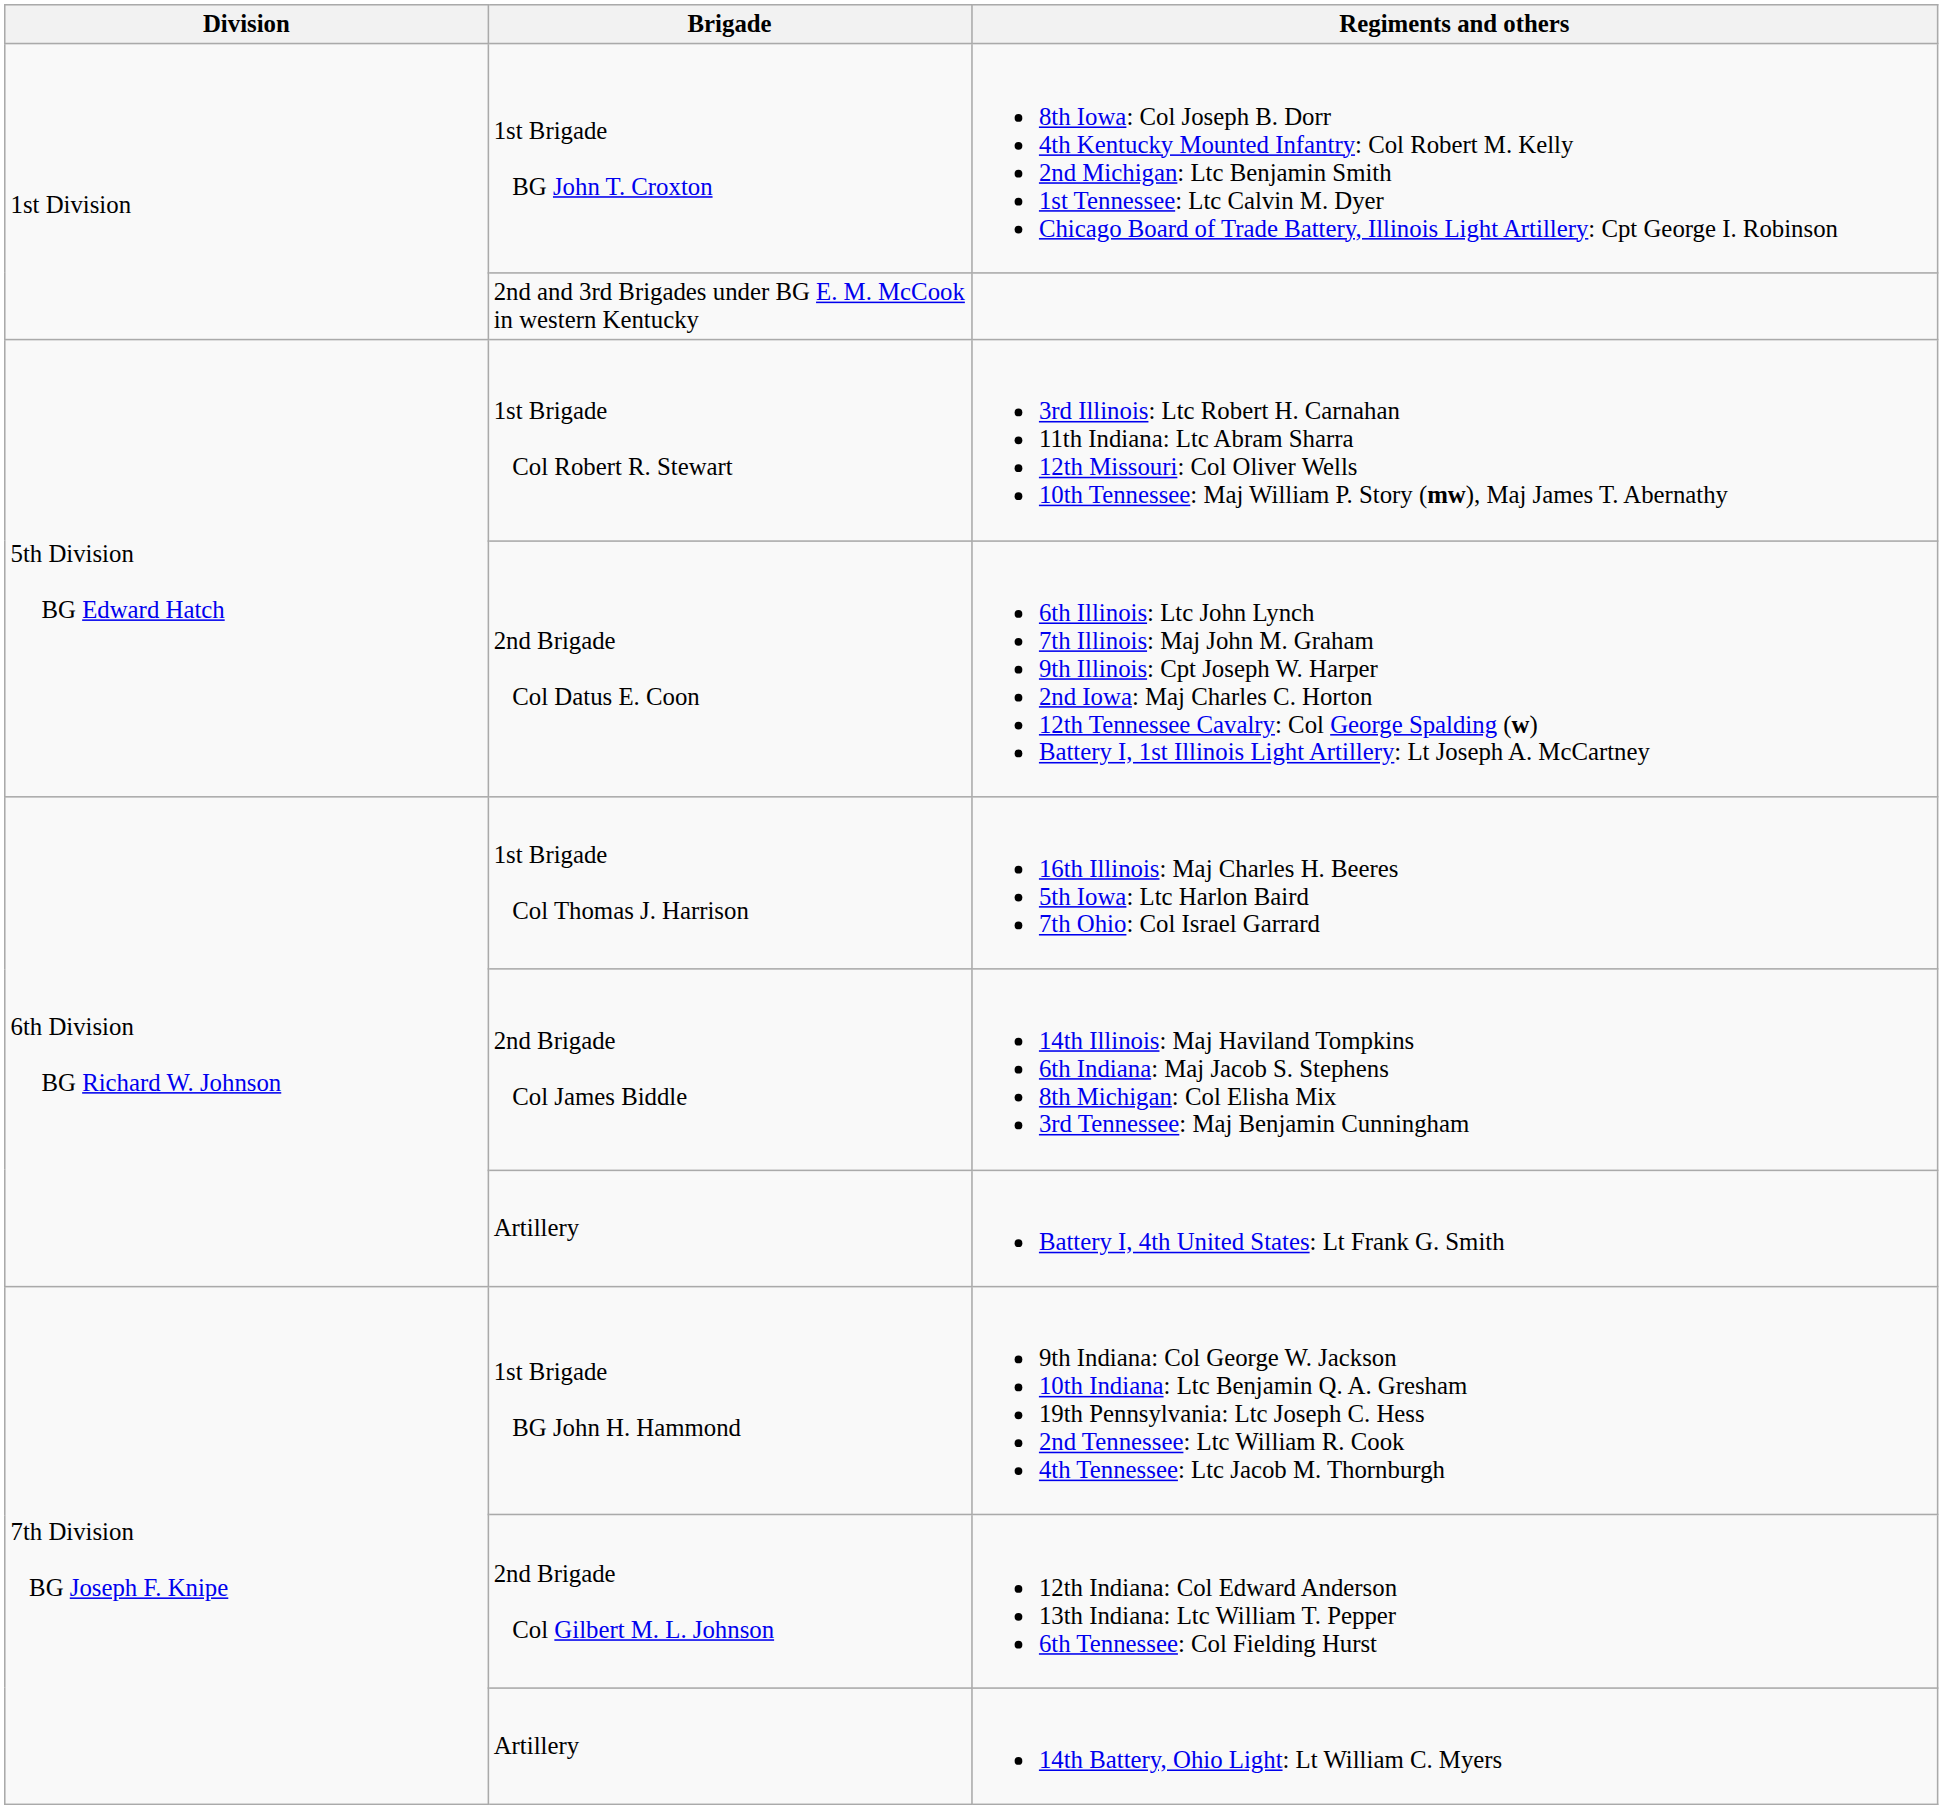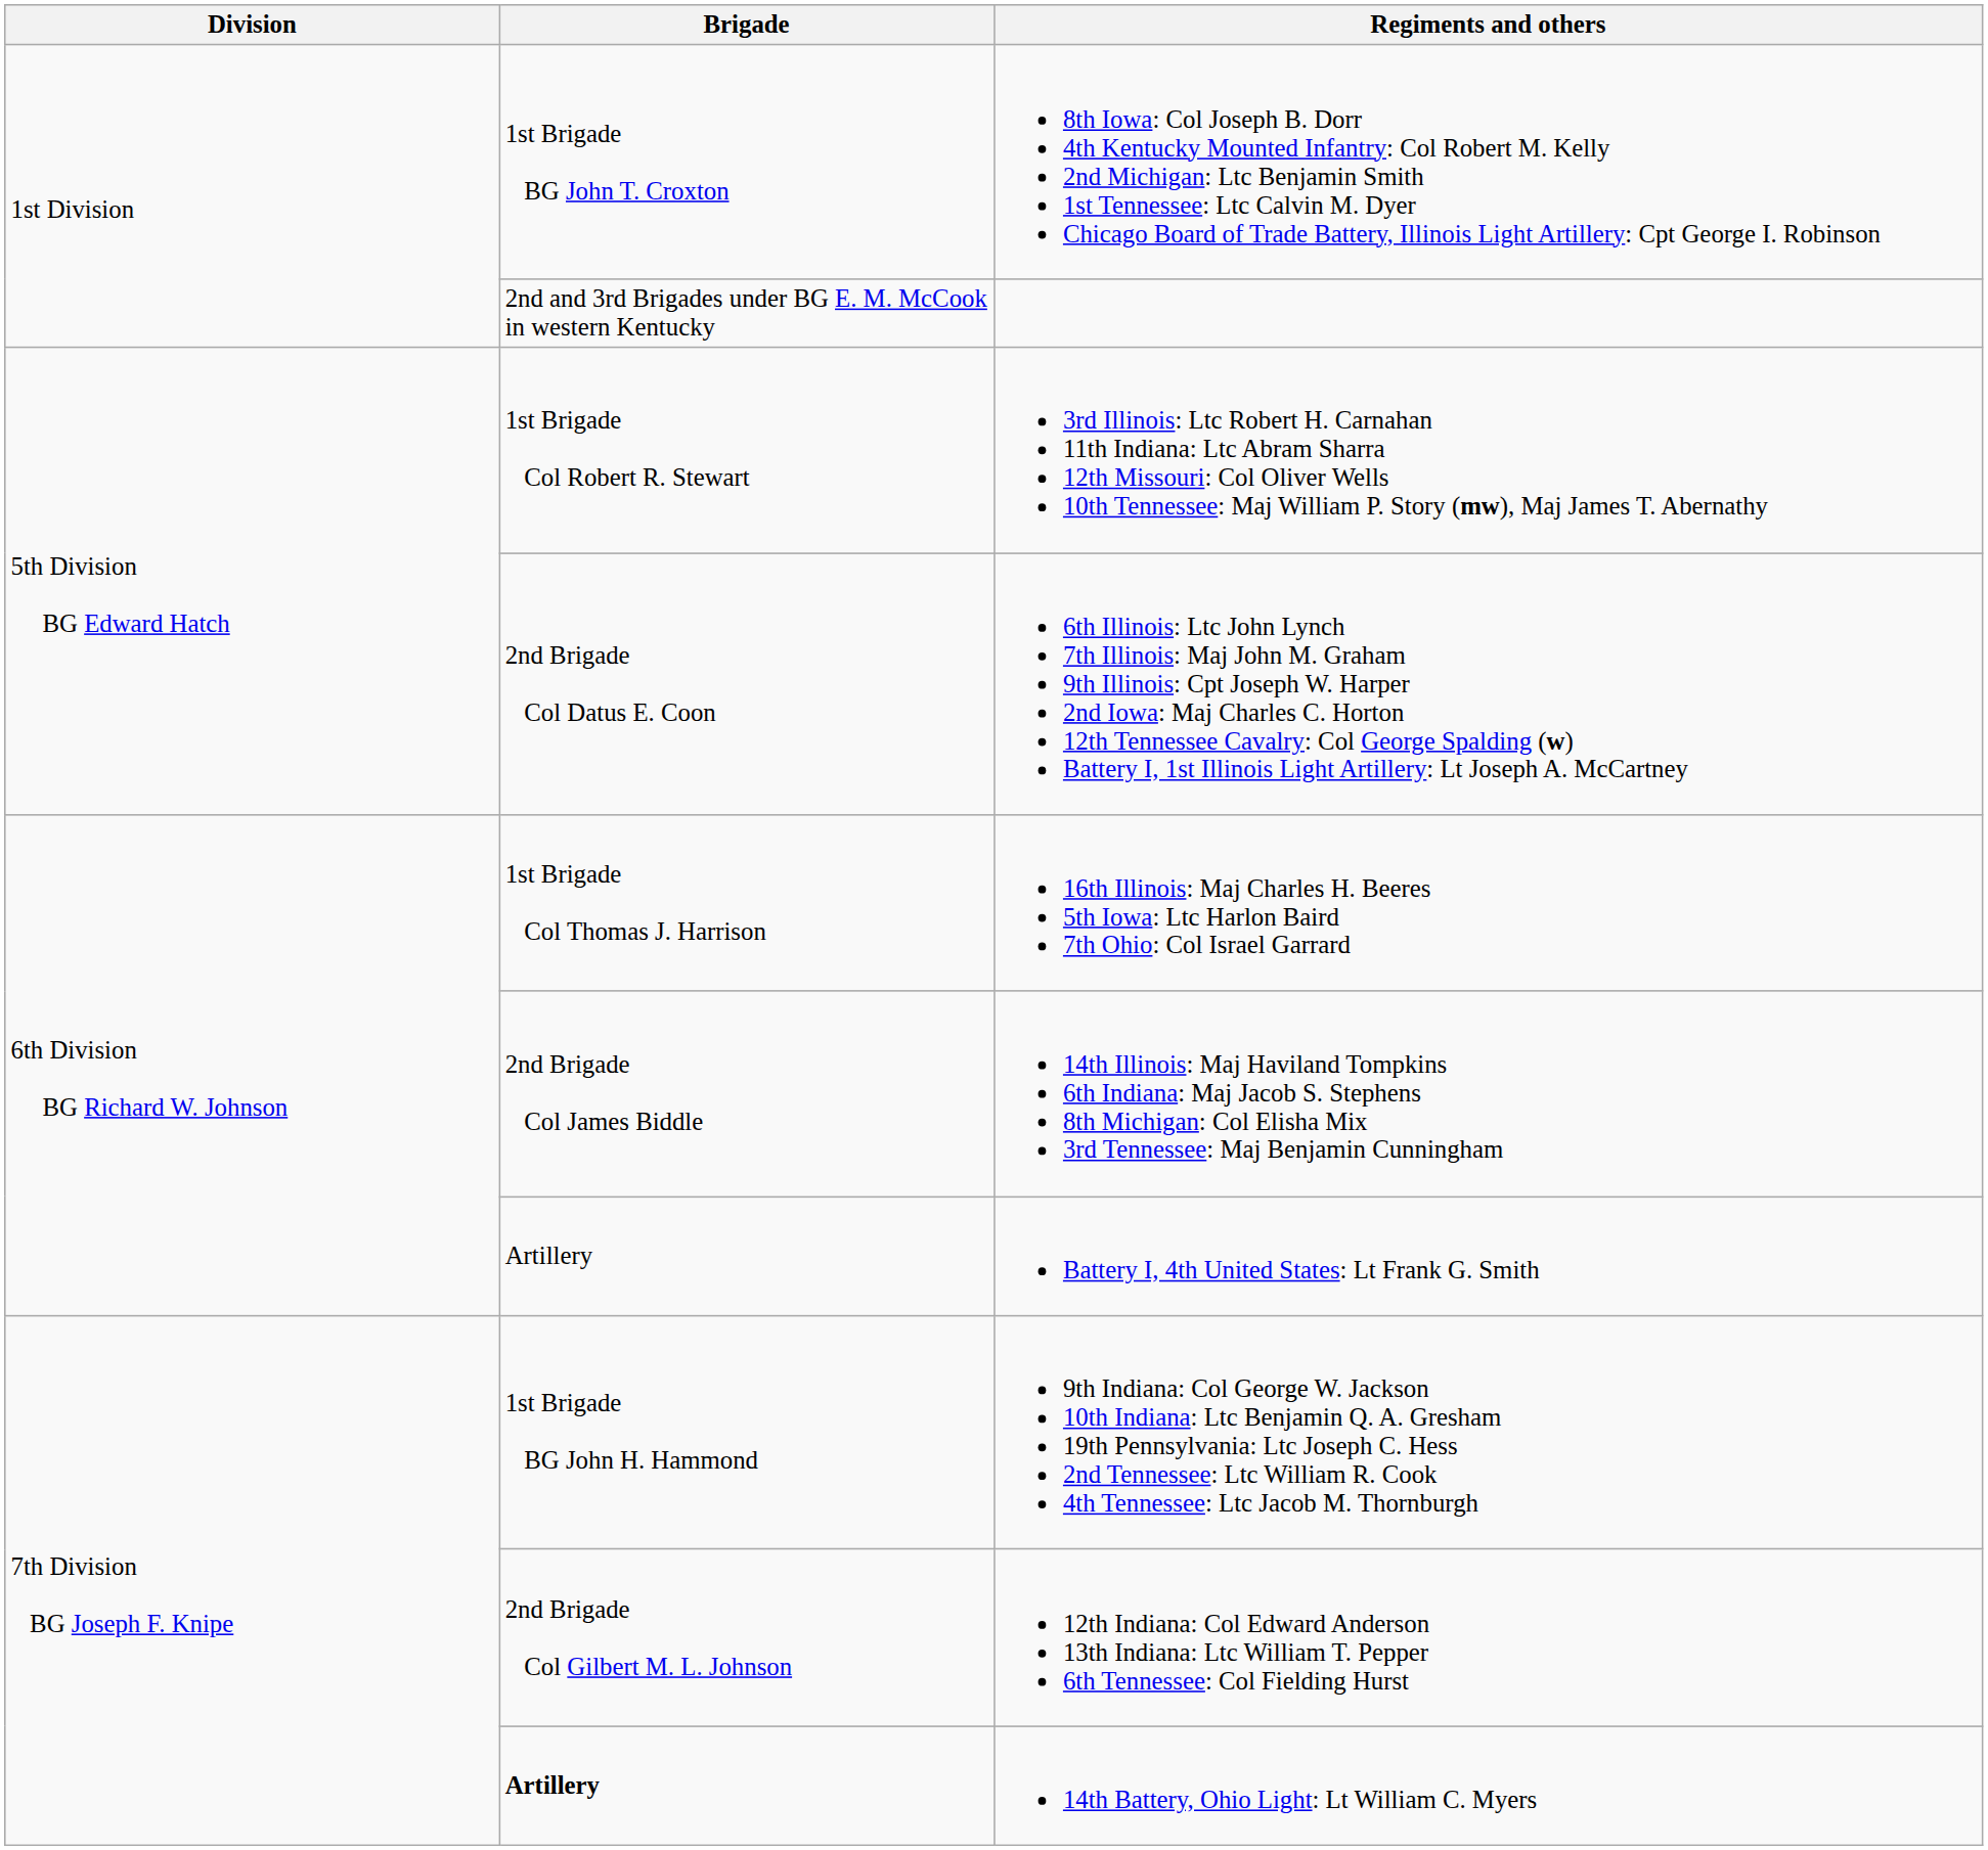 <table class="wikitable">
 <tr>
 <th width=25%>Division</th>
 <th width=25%>Brigade</th>
 <th>Regiments and others</th>
 </tr>
 <tr>
 <td rowspan=2><br>1st Division</td>
 <td>1st Brigade<br><br>   BG <a href='#'>John T. Croxton</a></td>
 <td><br><ul><li><a href='#'>8th Iowa</a>: Col Joseph B. Dorr</li><li><a href='#'>4th Kentucky Mounted Infantry</a>: Col Robert M. Kelly</li><li><a href='#'>2nd Michigan</a>: Ltc Benjamin Smith</li><li><a href='#'>1st Tennessee</a>: Ltc Calvin M. Dyer</li><li><a href='#'>Chicago Board of Trade Battery, Illinois Light Artillery</a>: Cpt George I. Robinson</li></ul></td>
 </tr>
 <tr>
 <td>2nd and 3rd Brigades under BG <a href='#'>E. M. McCook</a> in western Kentucky</td>
 <td></td>
 </tr>
 <tr>
 <td rowspan=2><br>5th Division<br><br>     BG <a href='#'>Edward Hatch</a></td>
 <td>1st Brigade<br><br>   Col Robert R. Stewart</td>
 <td><br><ul><li><a href='#'>3rd Illinois</a>: Ltc Robert H. Carnahan</li><li>11th Indiana: Ltc Abram Sharra</li><li><a href='#'>12th Missouri</a>: Col Oliver Wells</li><li><a href='#'>10th Tennessee</a>: Maj William P. Story (<strong>mw</strong>), Maj James T. Abernathy</li></ul></td>
 </tr>
 <tr>
 <td>2nd Brigade<br><br>   Col Datus E. Coon</td>
 <td><br><ul><li><a href='#'>6th Illinois</a>: Ltc John Lynch</li><li><a href='#'>7th Illinois</a>: Maj John M. Graham</li><li><a href='#'>9th Illinois</a>: Cpt Joseph W. Harper</li><li><a href='#'>2nd Iowa</a>: Maj Charles C. Horton</li><li><a href='#'>12th Tennessee Cavalry</a>: Col <a href='#'>George Spalding</a> (<strong>w</strong>)</li><li><a href='#'>Battery I, 1st Illinois Light Artillery</a>: Lt Joseph A. McCartney</li></ul></td>
 </tr>
 <tr>
 <td rowspan=3><br>6th Division<br><br>     BG <a href='#'>Richard W. Johnson</a></td>
 <td>1st Brigade<br><br>   Col Thomas J. Harrison</td>
 <td><br><ul><li><a href='#'>16th Illinois</a>: Maj Charles H. Beeres</li><li><a href='#'>5th Iowa</a>: Ltc Harlon Baird</li><li><a href='#'>7th Ohio</a>: Col Israel Garrard</li></ul></td>
 </tr>
 <tr>
 <td>2nd Brigade<br><br>   Col James Biddle</td>
 <td><br><ul><li><a href='#'>14th Illinois</a>: Maj Haviland Tompkins</li><li><a href='#'>6th Indiana</a>: Maj Jacob S. Stephens</li><li><a href='#'>8th Michigan</a>: Col Elisha Mix</li><li><a href='#'>3rd Tennessee</a>: Maj Benjamin Cunningham</li></ul></td>
 </tr>
 <tr>
 <td>Artillery</td>
 <td><br><ul><li><a href='#'>Battery I, 4th United States</a>: Lt Frank G. Smith</li></ul></td>
 </tr>
 <tr>
 <td rowspan=3><br>7th Division<br><br>   BG <a href='#'>Joseph F. Knipe</a></td>
 <td>1st Brigade<br><br>   BG John H. Hammond</td>
 <td><br><ul><li>9th Indiana: Col George W. Jackson</li><li><a href='#'>10th Indiana</a>: Ltc Benjamin Q. A. Gresham</li><li>19th Pennsylvania: Ltc Joseph C. Hess</li><li><a href='#'>2nd Tennessee</a>: Ltc William R. Cook</li><li><a href='#'>4th Tennessee</a>: Ltc Jacob M. Thornburgh</li></ul></td>
 </tr>
 <tr>
 <td>2nd Brigade<br><br>   Col <a href='#'>Gilbert M. L. Johnson</a></td>
 <td><br><ul><li>12th Indiana: Col Edward Anderson</li><li>13th Indiana: Ltc William T. Pepper</li><li><a href='#'>6th Tennessee</a>: Col Fielding Hurst</li></ul></td>
 </tr>
 <tr>
-<td>Artillery</td>
+<td><strong>Artillery</strong></td>
 <td><br><ul><li><a href='#'>14th Battery, Ohio Light</a>: Lt William C. Myers</li></ul></td>
 </tr>
 </table>
